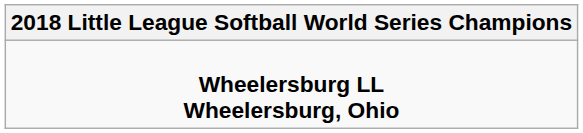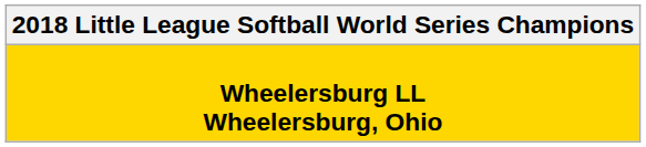 <table class="wikitable" style="text-align: center; margin: 0 auto;">
 <tr>
 <th>2018 Little League Softball World Series Champions</th>
 </tr>
 <tr>
-<td> <br><strong>Wheelersburg LL</strong><br><strong>Wheelersburg, Ohio</strong></td>
+<td style="background: gold;"> <br><strong>Wheelersburg LL</strong><br><strong>Wheelersburg, Ohio</strong></td>
 </tr>
 </table>
